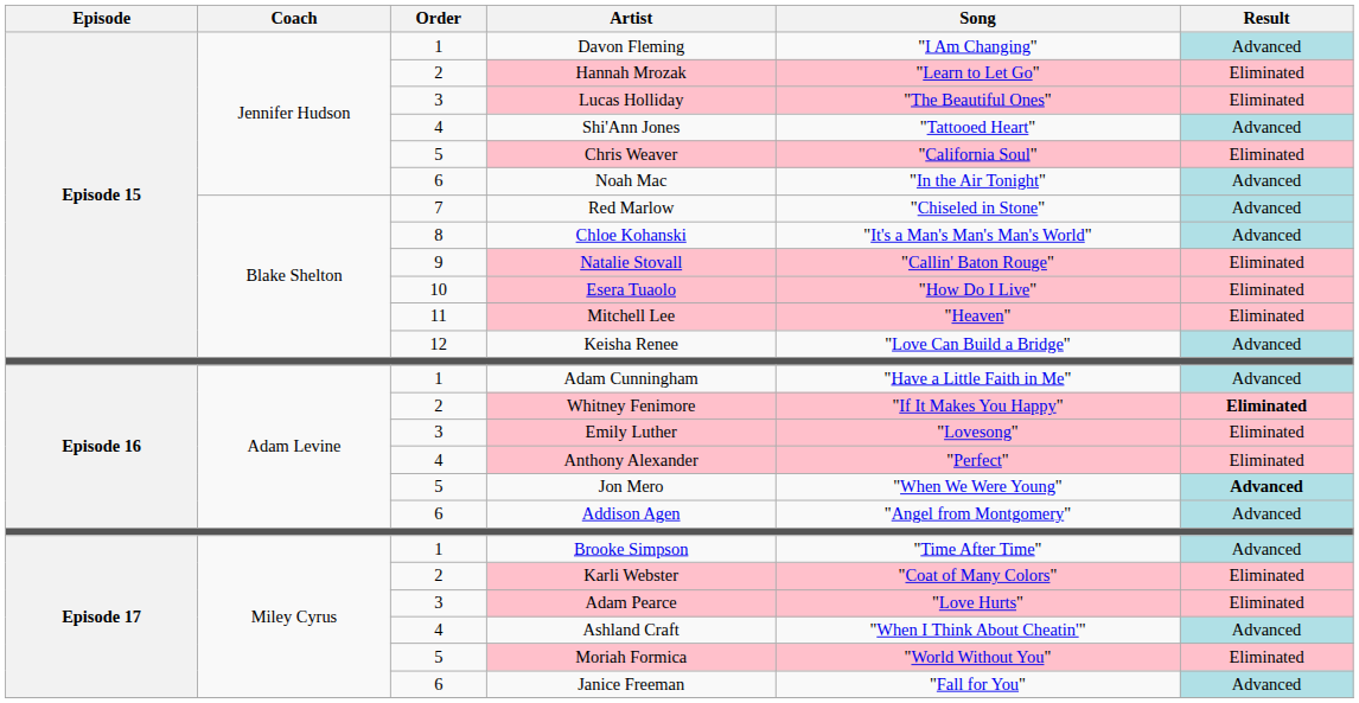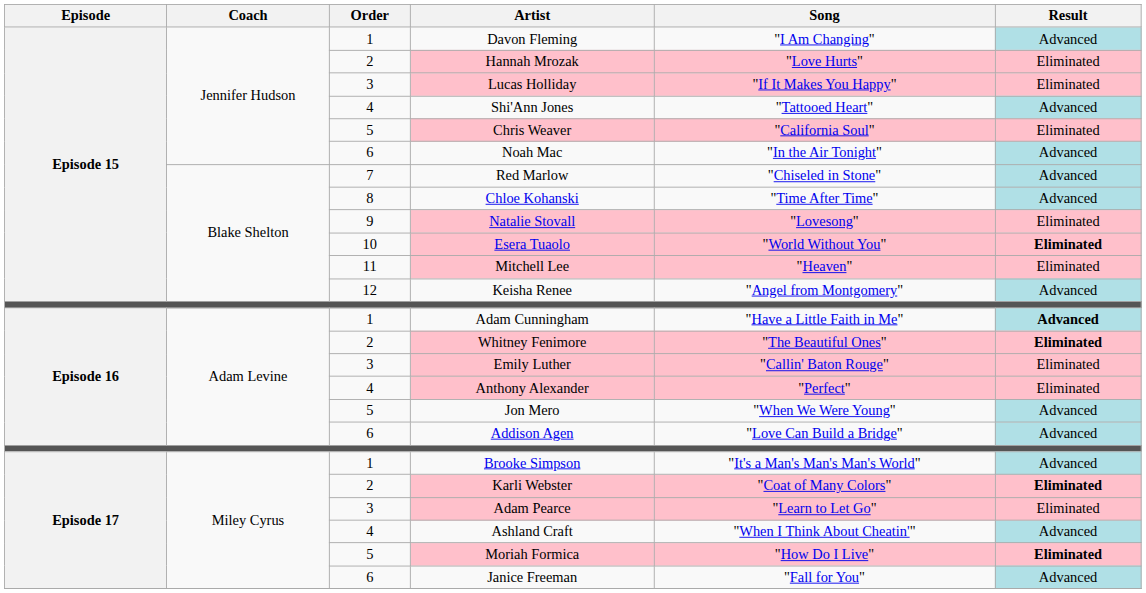 <table class="wikitable" style="text-align:center; width:100%;">
 <tr>
 <th style="width:10%;">Episode</th>
 <th style="width:10%;">Coach</th>
 <th style="width:05%;">Order</th>
 <th style="width:15%;">Artist</th>
 <th style="width:21%;">Song</th>
 <th style="width:9%;">Result</th>
 </tr>
 <tr>
 <th rowspan="12" scope="row">Episode 15<br><small></small></th>
 <td rowspan="6" scope="row">Jennifer Hudson</td>
 <td>1</td>
 <td>Davon Fleming</td>
 <td>"<a href='#'>I Am Changing</a>"</td>
 <td style="background:#B0E0E6;">Advanced</td>
 </tr>
 <tr>
 <td>2</td>
 <td style="background:pink;">Hannah Mrozak</td>
-<td style="background:pink;">"<a href='#'>Learn to Let Go</a>"</td>
+<td style="background:pink;">"<a href='#'>Love Hurts</a>"</td>
 <td style="background:pink;">Eliminated</td>
 </tr>
 <tr>
 <td>3</td>
 <td style="background:pink;">Lucas Holliday</td>
-<td style="background:pink;">"<a href='#'>The Beautiful Ones</a>"</td>
+<td style="background:pink;">"<a href='#'>If It Makes You Happy</a>"</td>
 <td style="background:pink;">Eliminated</td>
 </tr>
 <tr>
 <td>4</td>
 <td>Shi'Ann Jones</td>
 <td>"<a href='#'>Tattooed Heart</a>"</td>
 <td style="background:#B0E0E6;">Advanced</td>
 </tr>
 <tr>
 <td>5</td>
 <td style="background:pink;">Chris Weaver</td>
 <td style="background:pink;">"<a href='#'>California Soul</a>"</td>
 <td style="background:pink;">Eliminated</td>
 </tr>
 <tr>
 <td>6</td>
 <td>Noah Mac</td>
 <td>"<a href='#'>In the Air Tonight</a>"</td>
 <td style="background:#B0E0E6;">Advanced</td>
 </tr>
 <tr>
 <td rowspan="6" scope="row">Blake Shelton</td>
 <td>7</td>
 <td>Red Marlow</td>
 <td>"<a href='#'>Chiseled in Stone</a>"</td>
 <td style="background:#B0E0E6;">Advanced</td>
 </tr>
 <tr>
 <td>8</td>
 <td><a href='#'>Chloe Kohanski</a></td>
-<td>"<a href='#'>It's a Man's Man's Man's World</a>"</td>
+<td>"<a href='#'>Time After Time</a>"</td>
 <td style="background:#B0E0E6;">Advanced</td>
 </tr>
 <tr>
 <td>9</td>
 <td style="background:pink;"><a href='#'>Natalie Stovall</a></td>
-<td style="background:pink;">"<a href='#'>Callin' Baton Rouge</a>"</td>
+<td style="background:pink;">"<a href='#'>Lovesong</a>"</td>
 <td style="background:pink;">Eliminated</td>
 </tr>
 <tr>
 <td>10</td>
 <td style="background:pink;"><a href='#'>Esera Tuaolo</a></td>
-<td style="background:pink;">"<a href='#'>How Do I Live</a>"</td>
-<td style="background:pink;">Eliminated</td>
+<td style="background:pink;">"<a href='#'>World Without You</a>"</td>
+<td style="background:pink;"><strong>Eliminated</strong></td>
 </tr>
 <tr>
 <td>11</td>
 <td style="background:pink;">Mitchell Lee</td>
 <td style="background:pink;">"<a href='#'>Heaven</a>"</td>
 <td style="background:pink;">Eliminated</td>
 </tr>
 <tr>
 <td>12</td>
 <td>Keisha Renee</td>
-<td>"<a href='#'>Love Can Build a Bridge</a>"</td>
+<td>"<a href='#'>Angel from Montgomery</a>"</td>
 <td style="background:#B0E0E6;">Advanced</td>
 </tr>
 <tr>
 <td colspan="6" style="background:#555;"></td>
 </tr>
 <tr>
 <th rowspan="6" scope="row">Episode 16<br><small></small></th>
 <td rowspan="6" scope="row">Adam Levine</td>
 <td>1</td>
 <td>Adam Cunningham</td>
 <td>"<a href='#'>Have a Little Faith in Me</a>"</td>
-<td style="background:#B0E0E6;">Advanced</td>
+<td style="background:#B0E0E6;"><strong>Advanced</strong></td>
 </tr>
 <tr>
 <td>2</td>
 <td style="background:pink;">Whitney Fenimore</td>
-<td style="background:pink;">"<a href='#'>If It Makes You Happy</a>"</td>
+<td style="background:pink;">"<a href='#'>The Beautiful Ones</a>"</td>
 <td style="background:pink;"><strong>Eliminated</strong></td>
 </tr>
 <tr>
 <td>3</td>
 <td style="background:pink;">Emily Luther</td>
-<td style="background:pink;">"<a href='#'>Lovesong</a>"</td>
+<td style="background:pink;">"<a href='#'>Callin' Baton Rouge</a>"</td>
 <td style="background:pink;">Eliminated</td>
 </tr>
 <tr>
 <td>4</td>
 <td style="background:pink;">Anthony Alexander</td>
 <td style="background:pink;">"<a href='#'>Perfect</a>"</td>
 <td style="background:pink;">Eliminated</td>
 </tr>
 <tr>
 <td>5</td>
 <td>Jon Mero</td>
 <td>"<a href='#'>When We Were Young</a>"</td>
-<td style="background:#B0E0E6;"><strong>Advanced</strong></td>
+<td style="background:#B0E0E6;">Advanced</td>
 </tr>
 <tr>
 <td>6</td>
 <td><a href='#'>Addison Agen</a></td>
-<td>"<a href='#'>Angel from Montgomery</a>"</td>
+<td>"<a href='#'>Love Can Build a Bridge</a>"</td>
 <td style="background:#B0E0E6;">Advanced</td>
 </tr>
 <tr>
 <td colspan="6" style="background:#555;"></td>
 </tr>
 <tr>
 <th rowspan="6" scope="row">Episode 17<br><small></small></th>
 <td rowspan="6" scope="row">Miley Cyrus</td>
 <td>1</td>
 <td><a href='#'>Brooke Simpson</a></td>
-<td>"<a href='#'>Time After Time</a>"</td>
+<td>"<a href='#'>It's a Man's Man's Man's World</a>"</td>
 <td style="background:#B0E0E6;">Advanced</td>
 </tr>
 <tr>
 <td>2</td>
 <td style="background:pink;">Karli Webster</td>
 <td style="background:pink;">"<a href='#'>Coat of Many Colors</a>"</td>
-<td style="background:pink;">Eliminated</td>
+<td style="background:pink;"><strong>Eliminated</strong></td>
 </tr>
 <tr>
 <td>3</td>
 <td style="background:pink;">Adam Pearce</td>
-<td style="background:pink;">"<a href='#'>Love Hurts</a>"</td>
+<td style="background:pink;">"<a href='#'>Learn to Let Go</a>"</td>
 <td style="background:pink;">Eliminated</td>
 </tr>
 <tr>
 <td>4</td>
 <td>Ashland Craft</td>
 <td>"<a href='#'>When I Think About Cheatin'</a>"</td>
 <td style="background:#B0E0E6;">Advanced</td>
 </tr>
 <tr>
 <td>5</td>
 <td style="background:pink;">Moriah Formica</td>
-<td style="background:pink;">"<a href='#'>World Without You</a>"</td>
-<td style="background:pink;">Eliminated</td>
+<td style="background:pink;">"<a href='#'>How Do I Live</a>"</td>
+<td style="background:pink;"><strong>Eliminated</strong></td>
 </tr>
 <tr>
 <td>6</td>
 <td>Janice Freeman</td>
 <td>"<a href='#'>Fall for You</a>"</td>
 <td style="background:#B0E0E6;">Advanced</td>
 </tr>
 <tr>
 </tr>
 </table>
